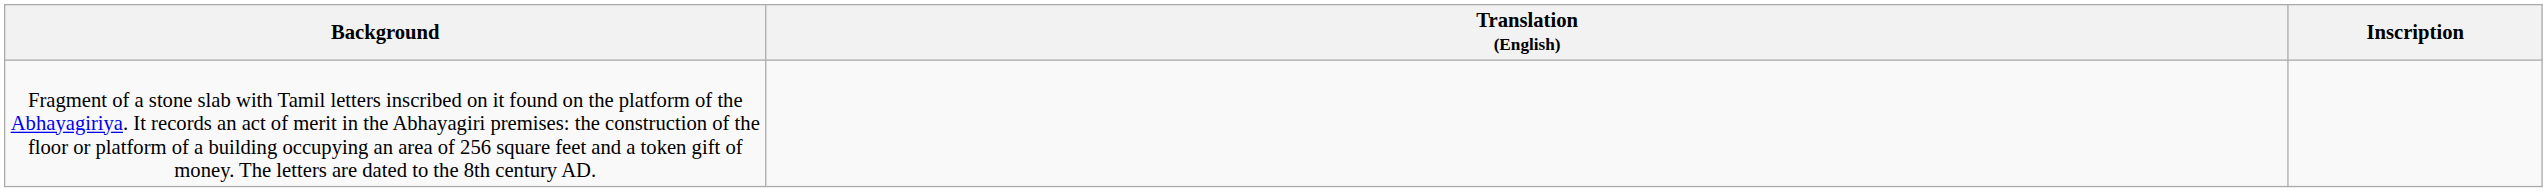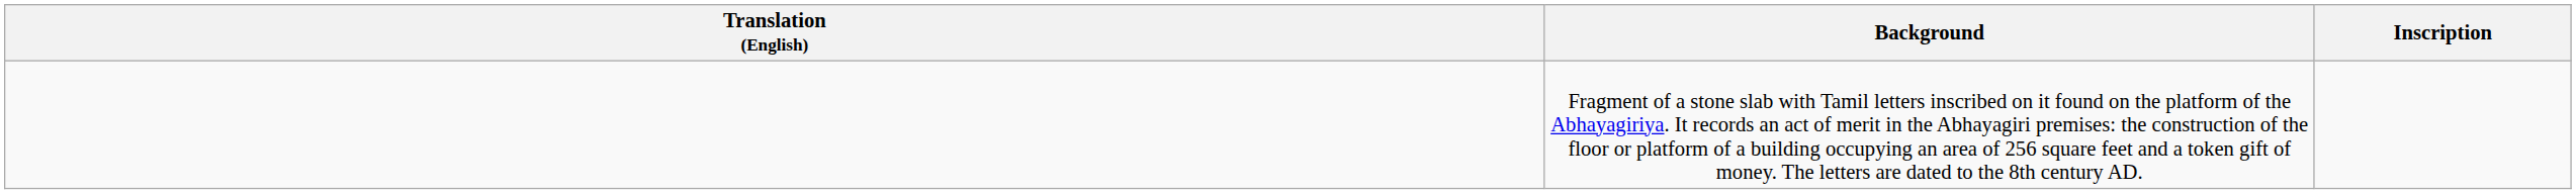 <table class="wikitable centre">
 <tr>
+<th>Translation<br><small>(English)</small></th>
 <th scope="col" align=left>Background<br></th>
-<th>Translation<br><small>(English)</small></th>
 <th>Inscription<br></th>
 </tr>
 <tr>
+<td align=left><br></td>
 <td align=center width="30%"><br>Fragment of a stone slab with Tamil letters inscribed on it found on the platform of the <a href='#'>Abhayagiriya</a>. It records an act of merit in the Abhayagiri premises: the construction of the floor or platform of a building occupying an area of 256 square feet and a token gift of money. The letters are dated to the 8th century AD.</td>
-<td align=left><br></td>
 <td align=center width="10%"><br></td>
 </tr>
 </table>
